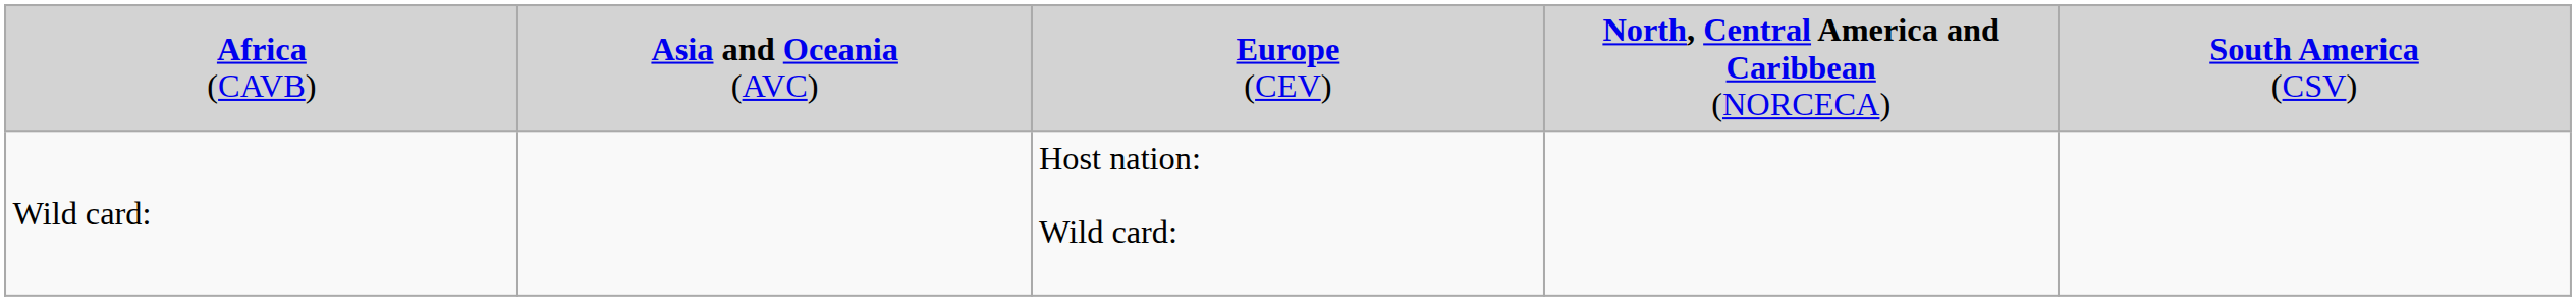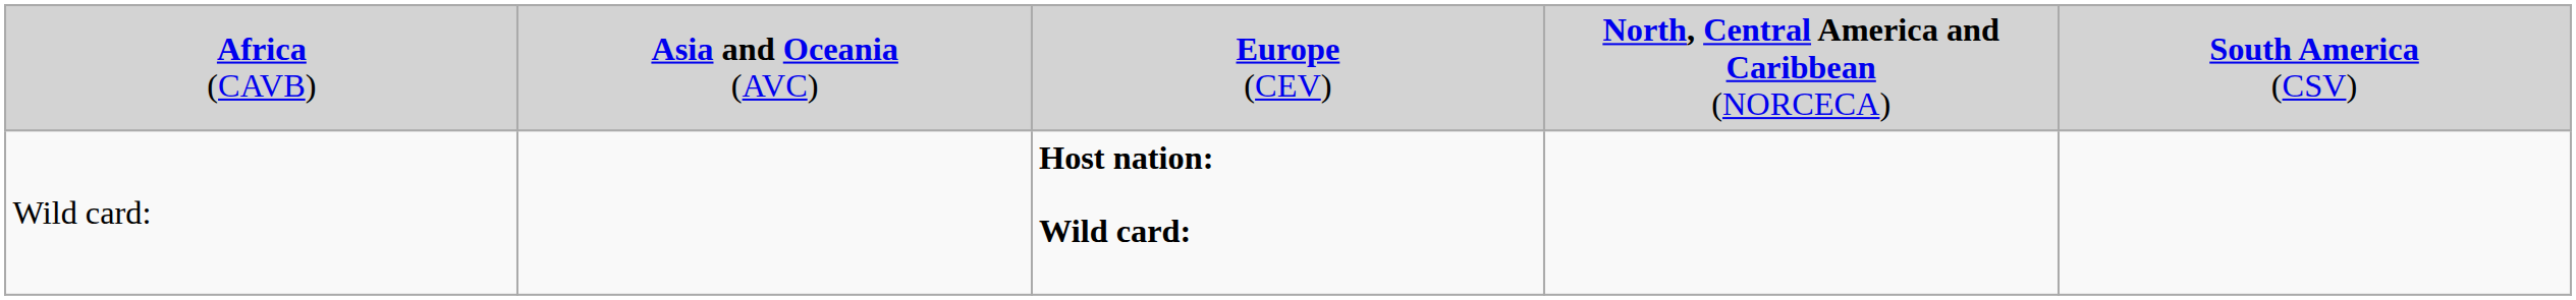 <table class="wikitable">
 <tr style="background:Lightgrey;">
 <td style="width:20%; text-align:center;"><strong><a href='#'>Africa</a></strong><br> (<a href='#'>CAVB</a>)</td>
 <td style="width:20%; text-align:center;"><strong><a href='#'>Asia</a> and <a href='#'>Oceania</a></strong><br> (<a href='#'>AVC</a>)</td>
 <td style="width:20%; text-align:center;"><strong><a href='#'>Europe</a></strong><br> (<a href='#'>CEV</a>)</td>
 <td style="width:20%; text-align:center;"><strong><a href='#'>North</a>, <a href='#'>Central</a> America and <a href='#'>Caribbean</a></strong><br> (<a href='#'>NORCECA</a>)</td>
 <td style="width:20%; text-align:center;"><strong><a href='#'>South America</a><br> </strong>(<a href='#'>CSV</a>)</td>
 </tr>
 <tr>
 <td>Wild card: <br></td>
 <td></td>
-<td>Host nation:<br>  <br>Wild card:<br>  <br> </td>
+<td><strong>Host nation:<br>  <br>Wild card:<br>  <br> </strong></td>
 <td></td>
 <td></td>
 </tr>
 </table>
